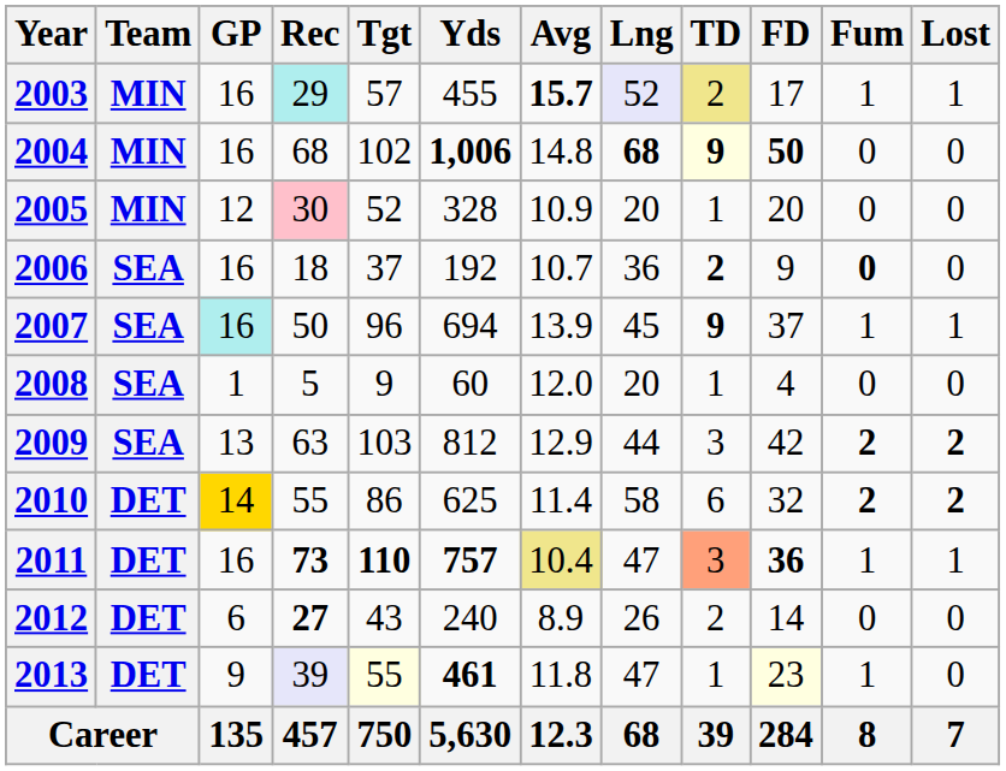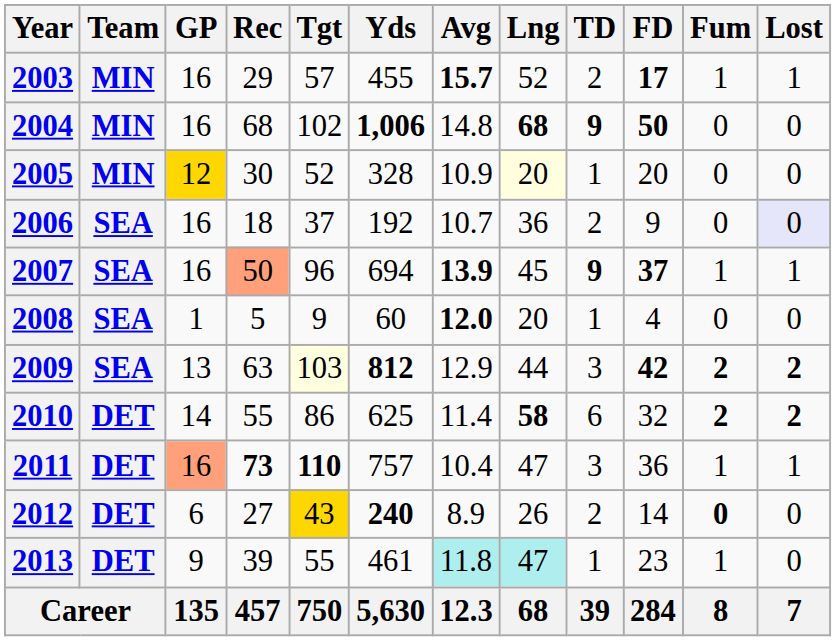 <table class="wikitable" style="text-align: center;">
 <tr>
 <th>Year</th>
 <th>Team</th>
 <th>GP</th>
 <th>Rec</th>
 <th>Tgt</th>
 <th>Yds</th>
 <th>Avg</th>
 <th>Lng</th>
 <th>TD</th>
 <th>FD</th>
 <th>Fum</th>
 <th>Lost</th>
 </tr>
 <tr>
 <th><a href='#'>2003</a></th>
 <th><a href='#'>MIN</a></th>
 <td>16</td>
-<td style="background: paleturquoise;">29</td>
+<td>29</td>
 <td>57</td>
 <td>455</td>
 <td><strong>15.7</strong></td>
-<td style="background: lavender;">52</td>
-<td style="background: khaki;">2</td>
-<td>17</td>
+<td>52</td>
+<td>2</td>
+<td><strong>17</strong></td>
 <td>1</td>
 <td>1</td>
 </tr>
 <tr>
 <th><a href='#'>2004</a></th>
 <th><a href='#'>MIN</a></th>
 <td>16</td>
 <td>68</td>
 <td>102</td>
 <td><strong>1,006</strong></td>
 <td>14.8</td>
 <td><strong>68</strong></td>
-<td style="background: lightyellow;"><strong>9</strong></td>
+<td><strong>9</strong></td>
 <td><strong>50</strong></td>
 <td>0</td>
 <td>0</td>
 </tr>
 <tr>
 <th><a href='#'>2005</a></th>
 <th><a href='#'>MIN</a></th>
-<td>12</td>
-<td style="background: pink;">30</td>
+<td style="background: gold;">12</td>
+<td>30</td>
 <td>52</td>
 <td>328</td>
 <td>10.9</td>
-<td>20</td>
+<td style="background: lightyellow;">20</td>
 <td>1</td>
 <td>20</td>
 <td>0</td>
 <td>0</td>
 </tr>
 <tr>
 <th><a href='#'>2006</a></th>
 <th><a href='#'>SEA</a></th>
 <td>16</td>
 <td>18</td>
 <td>37</td>
 <td>192</td>
 <td>10.7</td>
 <td>36</td>
-<td><strong>2</strong></td>
+<td>2</td>
 <td>9</td>
-<td><strong>0</strong></td>
 <td>0</td>
+<td style="background: lavender;">0</td>
 </tr>
 <tr>
 <th><a href='#'>2007</a></th>
 <th><a href='#'>SEA</a></th>
-<td style="background: paleturquoise;">16</td>
-<td>50</td>
+<td>16</td>
+<td style="background: lightsalmon;">50</td>
 <td>96</td>
 <td>694</td>
-<td>13.9</td>
+<td><strong>13.9</strong></td>
 <td>45</td>
 <td><strong>9</strong></td>
-<td>37</td>
+<td><strong>37</strong></td>
 <td>1</td>
 <td>1</td>
 </tr>
 <tr>
 <th><a href='#'>2008</a></th>
 <th><a href='#'>SEA</a></th>
 <td>1</td>
 <td>5</td>
 <td>9</td>
 <td>60</td>
-<td>12.0</td>
+<td><strong>12.0</strong></td>
 <td>20</td>
 <td>1</td>
 <td>4</td>
 <td>0</td>
 <td>0</td>
 </tr>
 <tr>
 <th><a href='#'>2009</a></th>
 <th><a href='#'>SEA</a></th>
 <td>13</td>
 <td>63</td>
-<td>103</td>
-<td>812</td>
+<td style="background: lightyellow;">103</td>
+<td><strong>812</strong></td>
 <td>12.9</td>
 <td>44</td>
 <td>3</td>
-<td>42</td>
+<td><strong>42</strong></td>
 <td><strong>2</strong></td>
 <td><strong>2</strong></td>
 </tr>
 <tr>
 <th><a href='#'>2010</a></th>
 <th><a href='#'>DET</a></th>
-<td style="background: gold;">14</td>
+<td>14</td>
 <td>55</td>
 <td>86</td>
 <td>625</td>
 <td>11.4</td>
-<td>58</td>
+<td><strong>58</strong></td>
 <td>6</td>
 <td>32</td>
 <td><strong>2</strong></td>
 <td><strong>2</strong></td>
 </tr>
 <tr>
 <th><a href='#'>2011</a></th>
 <th><a href='#'>DET</a></th>
-<td>16</td>
+<td style="background: lightsalmon;">16</td>
 <td><strong>73</strong></td>
 <td><strong>110</strong></td>
-<td><strong>757</strong></td>
-<td style="background: khaki;">10.4</td>
+<td>757</td>
+<td>10.4</td>
 <td>47</td>
-<td style="background: lightsalmon;">3</td>
-<td><strong>36</strong></td>
+<td>3</td>
+<td>36</td>
 <td>1</td>
 <td>1</td>
 </tr>
 <tr>
 <th><a href='#'>2012</a></th>
 <th><a href='#'>DET</a></th>
 <td>6</td>
-<td><strong>27</strong></td>
-<td>43</td>
-<td>240</td>
+<td>27</td>
+<td style="background: gold;">43</td>
+<td><strong>240</strong></td>
 <td>8.9</td>
 <td>26</td>
 <td>2</td>
 <td>14</td>
-<td>0</td>
+<td><strong>0</strong></td>
 <td>0</td>
 </tr>
 <tr>
 <th><a href='#'>2013</a></th>
 <th><a href='#'>DET</a></th>
 <td>9</td>
-<td style="background: lavender;">39</td>
-<td style="background: lightyellow;">55</td>
-<td><strong>461</strong></td>
-<td>11.8</td>
-<td>47</td>
+<td>39</td>
+<td>55</td>
+<td>461</td>
+<td style="background: paleturquoise;">11.8</td>
+<td style="background: paleturquoise;">47</td>
 <td>1</td>
-<td style="background: lightyellow;">23</td>
+<td>23</td>
 <td>1</td>
 <td>0</td>
 </tr>
 <tr>
 <th colspan="2">Career</th>
 <th>135</th>
 <th>457</th>
 <th>750</th>
 <th>5,630</th>
 <th>12.3</th>
 <th>68</th>
 <th>39</th>
 <th>284</th>
 <th>8</th>
 <th>7</th>
 </tr>
 </table>
